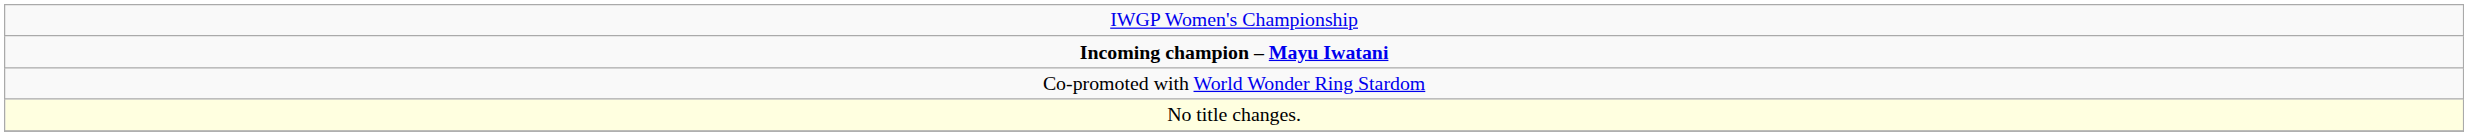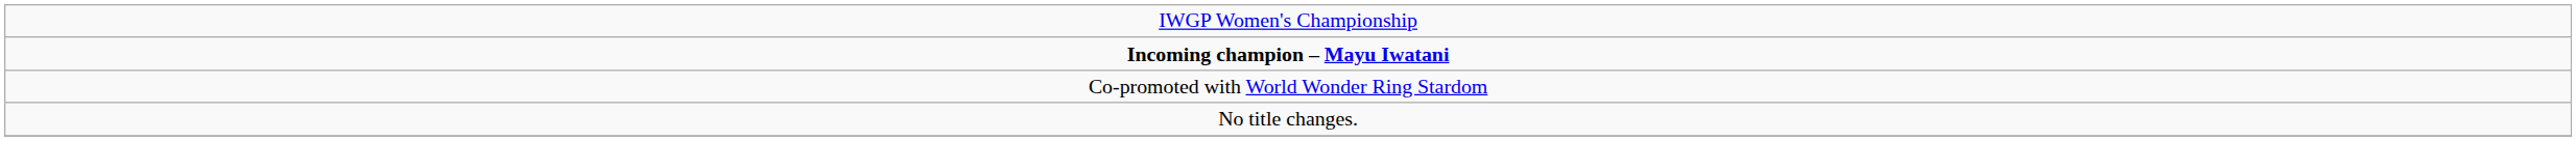 <table class="wikitable" style="text-align:center; width:100%;">
 <tr>
 <td colspan="4" style="text-align: center;"><a href='#'>IWGP Women's Championship</a></td>
 </tr>
 <tr>
 <td colspan="4" style="text-align: center;"><strong>Incoming champion – <a href='#'>Mayu Iwatani</a></strong></td>
 </tr>
 <tr>
 <td colspan=4>Co-promoted with <a href='#'>World Wonder Ring Stardom</a></td>
 </tr>
 <tr>
-<td style="background: lightyellow;">No title changes.</td>
+<td>No title changes.</td>
 </tr>
 <tr>
 </tr>
 </table>
